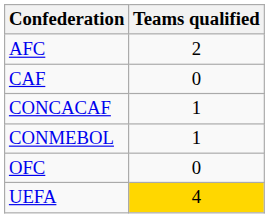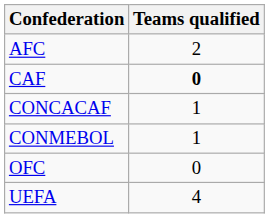 <table class="wikitable sortable">
 <tr>
 <th>Confederation</th>
 <th>Teams qualified</th>
 </tr>
 <tr>
 <td><a href='#'>AFC</a></td>
 <td style="text-align:center">2</td>
 </tr>
 <tr>
 <td><a href='#'>CAF</a></td>
-<td style="text-align:center">0</td>
+<td style="text-align:center"><strong>0</strong></td>
 </tr>
 <tr>
 <td><a href='#'>CONCACAF</a></td>
 <td style="text-align:center">1</td>
 </tr>
 <tr>
 <td><a href='#'>CONMEBOL</a></td>
 <td style="text-align:center">1</td>
 </tr>
 <tr>
 <td><a href='#'>OFC</a></td>
 <td style="text-align:center">0</td>
 </tr>
 <tr>
 <td><a href='#'>UEFA</a></td>
-<td style="background: gold; text-align:center">4</td>
+<td style="text-align:center">4</td>
 </tr>
 </table>
